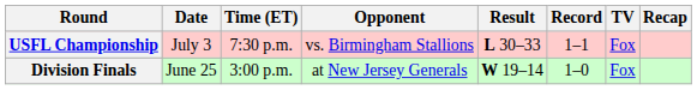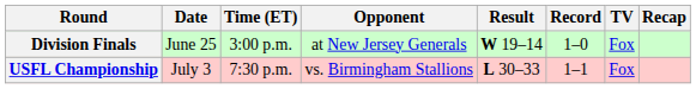 <table class="wikitable" style="text-align:center">
 <tr>
 <th>Round</th>
 <th>Date</th>
 <th>Time (ET)</th>
 <th>Opponent</th>
 <th>Result</th>
 <th>Record</th>
 <th>TV</th>
 <th>Recap</th>
 </tr>
+<tr style="background:#ccffcc">
+<th>Division Finals</th>
+<td>June 25</td>
+<td>3:00 p.m.</td>
+<td>at <a href='#'>New Jersey Generals</a></td>
+<td><strong>W</strong> 19–14</td>
+<td>1–0</td>
+<td><a href='#'>Fox</a></td>
+<td></td>
+</tr>
 <tr style="background:#ffcccc">
 <th><a href='#'>USFL Championship</a></th>
 <td>July 3</td>
 <td>7:30 p.m.</td>
 <td>vs. <a href='#'>Birmingham Stallions</a></td>
 <td><strong>L</strong> 30–33</td>
 <td>1–1</td>
 <td><a href='#'>Fox</a></td>
 <td></td>
 </tr>
-<tr style="background:#ccffcc">
-<th>Division Finals</th>
-<td>June 25</td>
-<td>3:00 p.m.</td>
-<td>at <a href='#'>New Jersey Generals</a></td>
-<td><strong>W</strong> 19–14</td>
-<td>1–0</td>
-<td><a href='#'>Fox</a></td>
-<td></td>
-</tr>
 </table>
